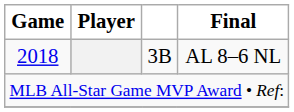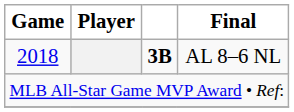 <table class="wikitable sortable plainrowheaders" style="font-size: 90%; text-align:center">
 <tr>
 <th scope="col" style="background-color:#ffffff; border-top:#">Game</th>
 <th scope="col" style="background-color:#ffffff; border-top:#">Player</th>
 <th scope="col" style="background-color:#ffffff; border-top:#"></th>
 <th scope="col" style="background-color:#ffffff; border-top:#">Final</th>
 </tr>
 <tr>
 <td><a href='#'>2018</a></td>
 <th scope="row" style="text-align:center"></th>
-<td>3B</td>
+<td><strong>3B</strong></td>
 <td>AL 8–6 NL</td>
 </tr>
 <tr class="sortbottom">
 <td style="text-align:right"; colspan="5"><small><a href='#'>MLB All-Star Game MVP Award</a> • <em>Ref</em>:</small></td>
 </tr>
 <tr>
 </tr>
 </table>
